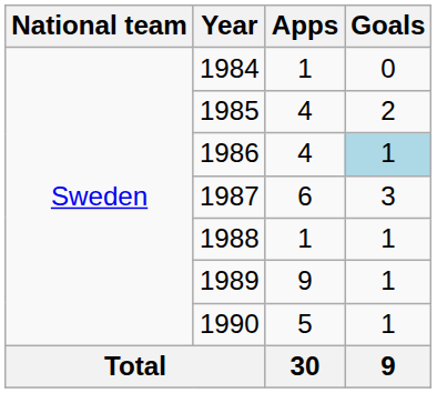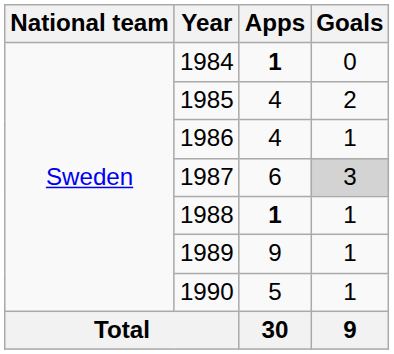 <table class="wikitable" style="text-align:center">
 <tr>
 <th>National team</th>
 <th>Year</th>
 <th>Apps</th>
 <th>Goals</th>
 </tr>
 <tr>
 <td rowspan="7"><a href='#'>Sweden</a></td>
 <td>1984</td>
-<td>1</td>
+<td><strong>1</strong></td>
 <td>0</td>
 </tr>
 <tr>
 <td>1985</td>
 <td>4</td>
 <td>2</td>
 </tr>
 <tr>
 <td>1986</td>
 <td>4</td>
-<td style="background: lightblue;">1</td>
+<td>1</td>
 </tr>
 <tr>
 <td>1987</td>
 <td>6</td>
-<td>3</td>
+<td style="background: lightgrey;">3</td>
 </tr>
 <tr>
 <td>1988</td>
-<td>1</td>
+<td><strong>1</strong></td>
 <td>1</td>
 </tr>
 <tr>
 <td>1989</td>
 <td>9</td>
 <td>1</td>
 </tr>
 <tr>
 <td>1990</td>
 <td>5</td>
 <td>1</td>
 </tr>
 <tr>
 <th colspan="2">Total</th>
 <th>30</th>
 <th>9</th>
 </tr>
 </table>
